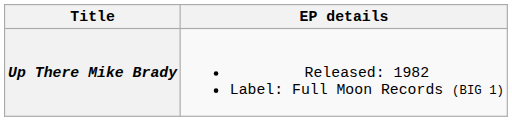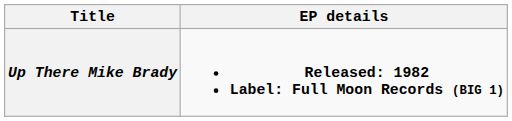 <table class="wikitable plainrowheaders" style="text-align:center;" border="1">
 <tr>
 <th>Title</th>
 <th>EP details</th>
 </tr>
 <tr>
 <th scope="row"><em>Up There Mike Brady</em></th>
-<td><br><ul><li>Released: 1982</li><li>Label: Full Moon Records <small>(BIG 1)</small></li></ul></td>
+<td><strong><br><ul><li>Released: 1982</li><li>Label: Full Moon Records <small>(BIG 1)</small></li></ul></strong></td>
 </tr>
 </table>
